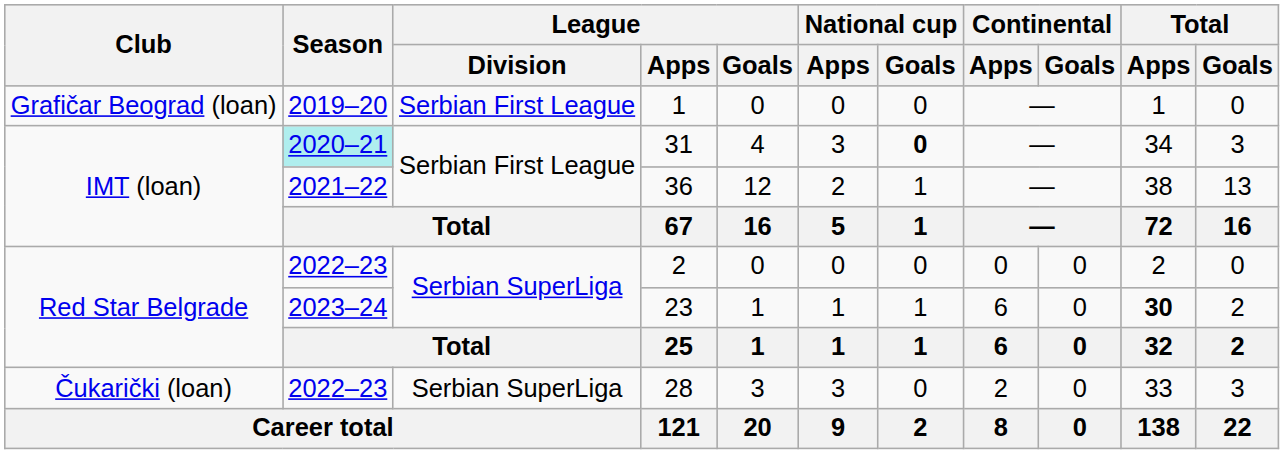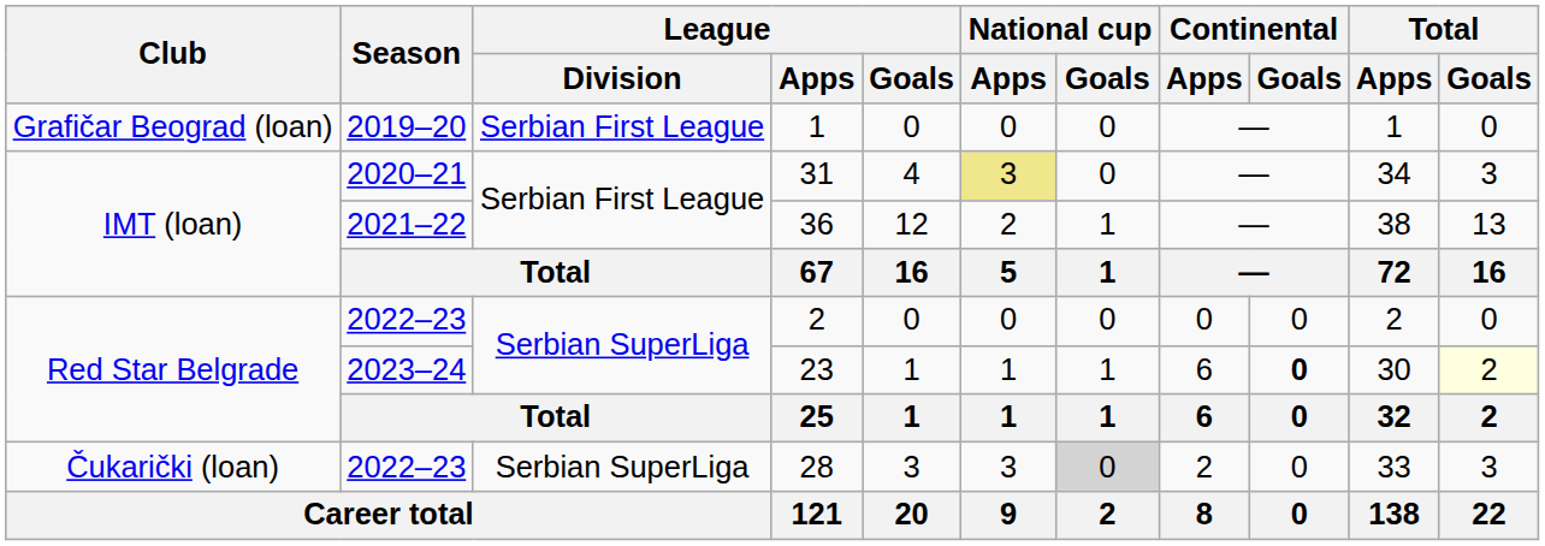 <table class="wikitable" style="text-align: center">
 <tr>
 <th rowspan="2">Club</th>
 <th rowspan="2">Season</th>
 <th colspan="3">League</th>
 <th colspan="2">National cup</th>
 <th colspan="2">Continental</th>
 <th colspan="2">Total</th>
 </tr>
 <tr>
 <th>Division</th>
 <th>Apps</th>
 <th>Goals</th>
 <th>Apps</th>
 <th>Goals</th>
 <th>Apps</th>
 <th>Goals</th>
 <th>Apps</th>
 <th>Goals</th>
 </tr>
 <tr>
 <td><a href='#'>Grafičar Beograd</a> (loan)</td>
 <td><a href='#'>2019–20</a></td>
 <td><a href='#'>Serbian First League</a></td>
 <td>1</td>
 <td>0</td>
 <td>0</td>
 <td>0</td>
 <td colspan="2">—</td>
 <td>1</td>
 <td>0</td>
 </tr>
 <tr>
 <td rowspan=3><a href='#'>IMT</a> (loan)</td>
-<td style="background: paleturquoise;"><a href='#'>2020–21</a></td>
+<td><a href='#'>2020–21</a></td>
 <td rowspan=2>Serbian First League</td>
 <td>31</td>
 <td>4</td>
-<td>3</td>
-<td><strong>0</strong></td>
+<td style="background: khaki;">3</td>
+<td>0</td>
 <td colspan="2">—</td>
 <td>34</td>
 <td>3</td>
 </tr>
 <tr>
 <td><a href='#'>2021–22</a></td>
 <td>36</td>
 <td>12</td>
 <td>2</td>
 <td>1</td>
 <td colspan="2">—</td>
 <td>38</td>
 <td>13</td>
 </tr>
 <tr>
 <th colspan="2">Total</th>
 <th>67</th>
 <th>16</th>
 <th>5</th>
 <th>1</th>
 <th colspan="2">—</th>
 <th>72</th>
 <th>16</th>
 </tr>
 <tr>
 <td rowspan='3'><a href='#'>Red Star Belgrade</a></td>
 <td><a href='#'>2022–23</a></td>
 <td rowspan='2'><a href='#'>Serbian SuperLiga</a></td>
 <td>2</td>
 <td>0</td>
 <td>0</td>
 <td>0</td>
 <td>0</td>
 <td>0</td>
 <td>2</td>
 <td>0</td>
 </tr>
 <tr>
 <td><a href='#'>2023–24</a></td>
 <td>23</td>
 <td>1</td>
 <td>1</td>
 <td>1</td>
 <td>6</td>
-<td>0</td>
-<td><strong>30</strong></td>
-<td>2</td>
+<td><strong>0</strong></td>
+<td>30</td>
+<td style="background: lightyellow;">2</td>
 </tr>
 <tr>
 <th colspan="2">Total</th>
 <th>25</th>
 <th>1</th>
 <th>1</th>
 <th>1</th>
 <th>6</th>
 <th>0</th>
 <th>32</th>
 <th>2</th>
 </tr>
 <tr>
 <td><a href='#'>Čukarički</a> (loan)</td>
 <td><a href='#'>2022–23</a></td>
 <td>Serbian SuperLiga</td>
 <td>28</td>
 <td>3</td>
 <td>3</td>
-<td>0</td>
+<td style="background: lightgrey;">0</td>
 <td>2</td>
 <td>0</td>
 <td>33</td>
 <td>3</td>
 </tr>
 <tr>
 <th colspan="3">Career total</th>
 <th>121</th>
 <th>20</th>
 <th>9</th>
 <th>2</th>
 <th>8</th>
 <th>0</th>
 <th>138</th>
 <th>22</th>
 </tr>
 </table>
